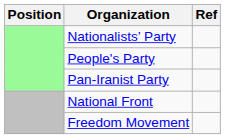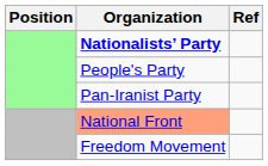 <table class="wikitable">
 <tr>
 <th>Position</th>
 <th>Organization</th>
 <th>Ref</th>
 </tr>
 <tr>
 <td style="background-color:#98FB98" rowspan="3"></td>
-<td><a href='#'>Nationalists’ Party</a></td>
+<td><strong><a href='#'>Nationalists’ Party</a></strong></td>
 <td></td>
 </tr>
 <tr>
 <td><a href='#'>People's Party</a></td>
 <td></td>
 </tr>
 <tr>
 <td><a href='#'>Pan-Iranist Party</a></td>
 <td></td>
 </tr>
 <tr>
 <td style="background-color:#C0C0C0" rowspan="2"></td>
-<td><a href='#'>National Front</a></td>
+<td style="background: lightsalmon;"><a href='#'>National Front</a></td>
 <td></td>
 </tr>
 <tr>
 <td><a href='#'>Freedom Movement</a></td>
 <td></td>
 </tr>
 </table>
